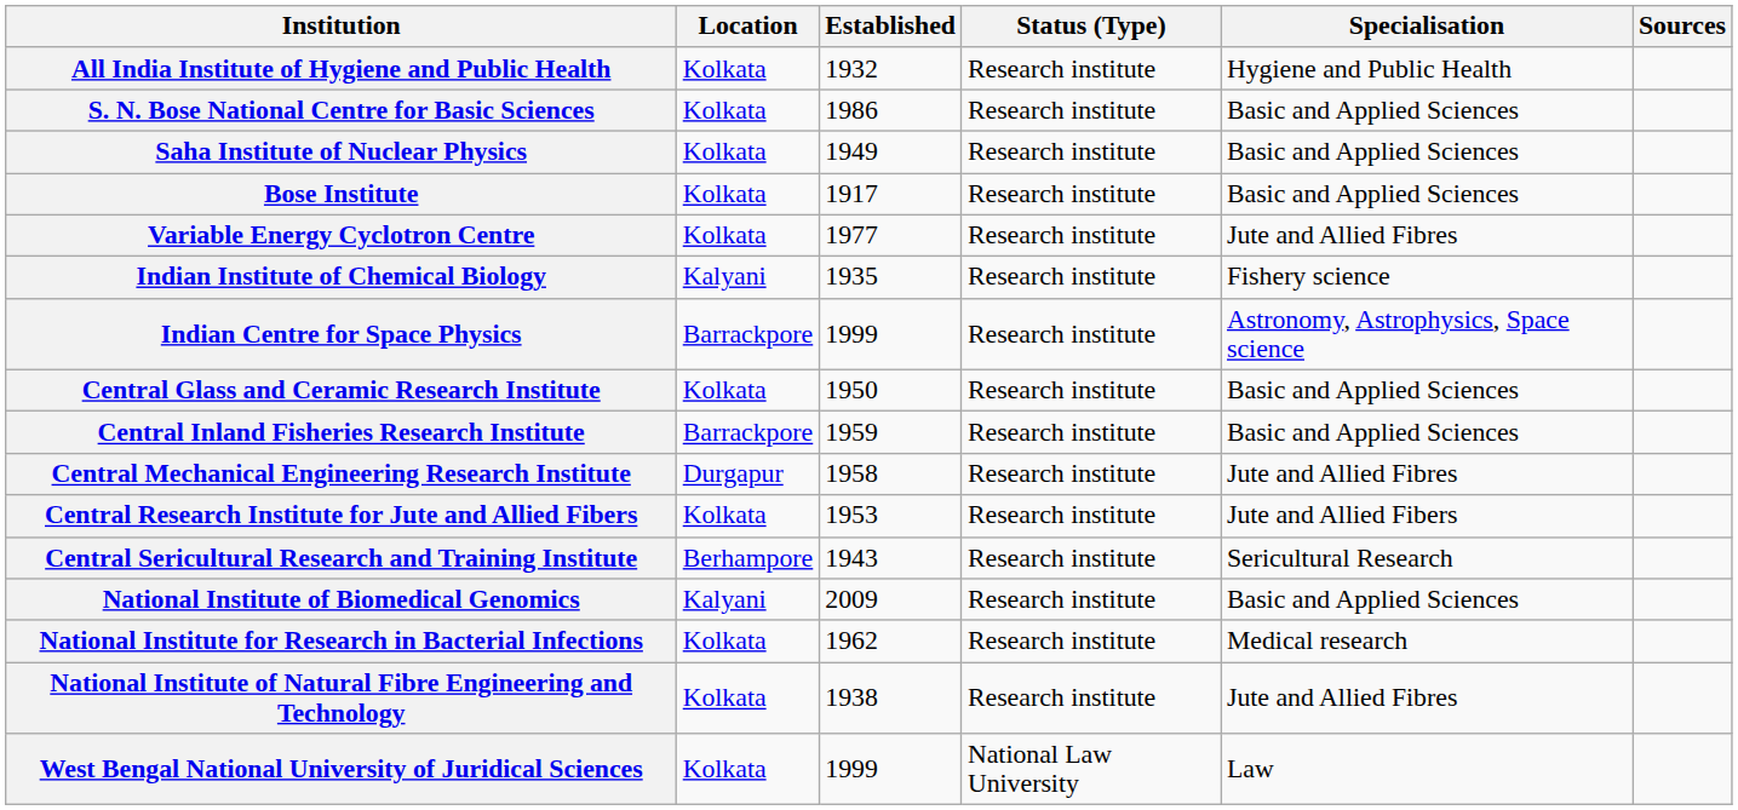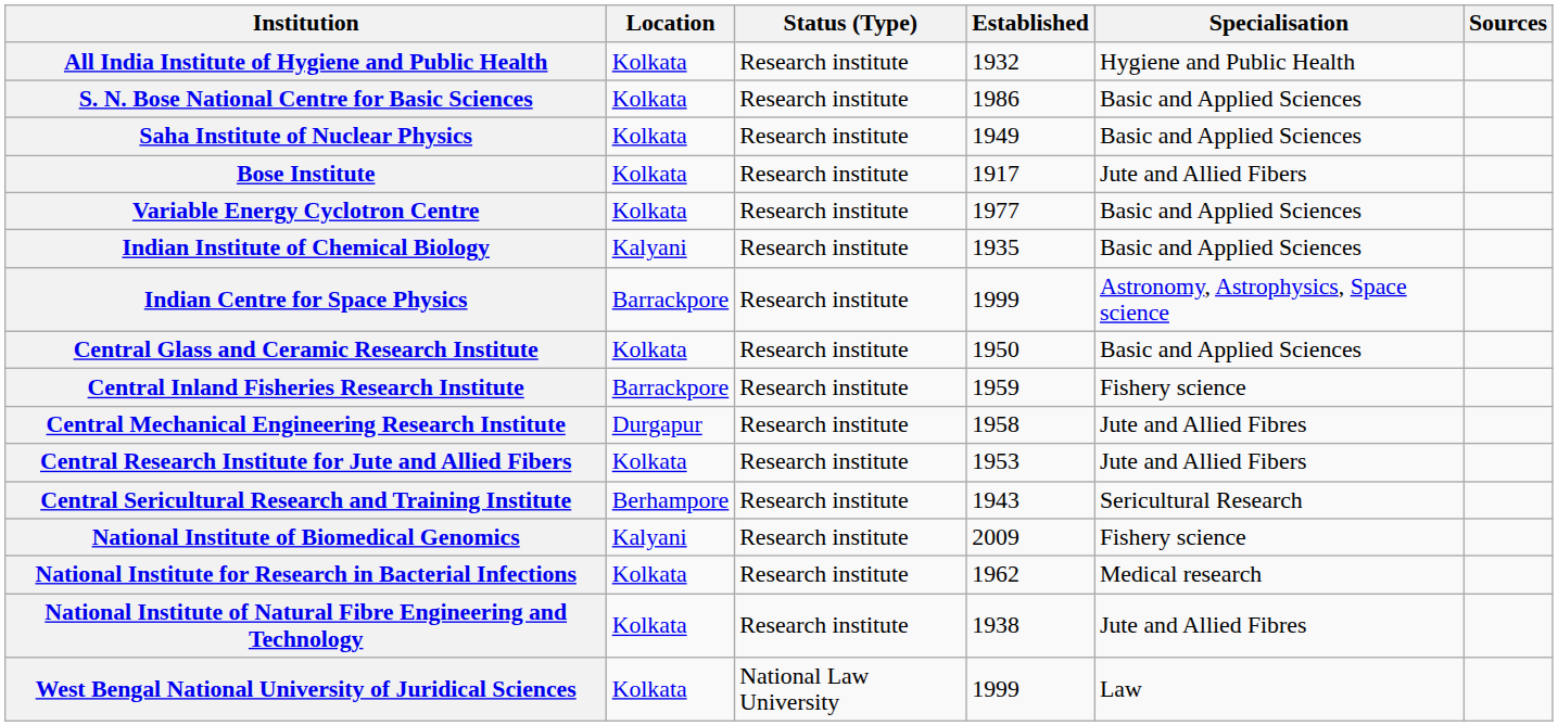 <table class="wikitable sortable static-row-numbers sticky-header collapsible plainrowheaders" style="-align:left; width:83%;">
 <tr>
 <th>Institution</th>
 <th>Location</th>
+<th>Status (Type)</th>
 <th>Established</th>
-<th>Status (Type)</th>
 <th>Specialisation</th>
 <th>Sources</th>
 </tr>
 <tr>
 <th scope="row"><a href='#'>All India Institute of Hygiene and Public Health</a></th>
 <td><a href='#'>Kolkata</a></td>
+<td>Research institute</td>
 <td>1932</td>
-<td>Research institute</td>
 <td>Hygiene and Public Health</td>
 <td></td>
 </tr>
 <tr>
 <th scope="row"><a href='#'>S. N. Bose National Centre for Basic Sciences</a></th>
 <td><a href='#'>Kolkata</a></td>
+<td>Research institute</td>
 <td>1986</td>
-<td>Research institute</td>
 <td>Basic and Applied Sciences</td>
 <td></td>
 </tr>
 <tr>
 <th scope="row"><a href='#'>Saha Institute of Nuclear Physics</a></th>
 <td><a href='#'>Kolkata</a></td>
+<td>Research institute</td>
 <td>1949</td>
-<td>Research institute</td>
 <td>Basic and Applied Sciences</td>
 <td></td>
 </tr>
 <tr>
 <th scope="row"><a href='#'>Bose Institute</a></th>
 <td><a href='#'>Kolkata</a></td>
+<td>Research institute</td>
 <td>1917</td>
-<td>Research institute</td>
-<td>Basic and Applied Sciences</td>
+<td>Jute and Allied Fibers</td>
 <td></td>
 </tr>
 <tr>
 <th scope="row"><a href='#'>Variable Energy Cyclotron Centre</a></th>
 <td><a href='#'>Kolkata</a></td>
+<td>Research institute</td>
 <td>1977</td>
-<td>Research institute</td>
-<td>Jute and Allied Fibres</td>
+<td>Basic and Applied Sciences</td>
 <td></td>
 </tr>
 <tr>
 <th scope="row"><a href='#'>Indian Institute of Chemical Biology</a></th>
 <td><a href='#'>Kalyani</a></td>
+<td>Research institute</td>
 <td>1935</td>
-<td>Research institute</td>
-<td>Fishery science</td>
+<td>Basic and Applied Sciences</td>
 <td></td>
 </tr>
 <tr>
 <th scope="row"><a href='#'>Indian Centre for Space Physics</a></th>
 <td><a href='#'>Barrackpore</a></td>
+<td>Research institute</td>
 <td>1999</td>
-<td>Research institute</td>
 <td><a href='#'>Astronomy</a>, <a href='#'>Astrophysics</a>, <a href='#'>Space science</a></td>
 <td></td>
 </tr>
 <tr>
 <th scope="row"><a href='#'>Central Glass and Ceramic Research Institute</a></th>
 <td><a href='#'>Kolkata</a></td>
+<td>Research institute</td>
 <td>1950</td>
-<td>Research institute</td>
 <td>Basic and Applied Sciences</td>
 <td></td>
 </tr>
 <tr>
 <th scope="row"><a href='#'>Central Inland Fisheries Research Institute</a></th>
 <td><a href='#'>Barrackpore</a></td>
+<td>Research institute</td>
 <td>1959</td>
-<td>Research institute</td>
-<td>Basic and Applied Sciences</td>
+<td>Fishery science</td>
 <td></td>
 </tr>
 <tr>
 <th scope="row"><a href='#'>Central Mechanical Engineering Research Institute</a></th>
 <td><a href='#'>Durgapur</a></td>
+<td>Research institute</td>
 <td>1958</td>
-<td>Research institute</td>
 <td>Jute and Allied Fibres</td>
 <td></td>
 </tr>
 <tr>
 <th scope="row"><a href='#'>Central Research Institute for Jute and Allied Fibers</a></th>
 <td><a href='#'>Kolkata</a></td>
+<td>Research institute</td>
 <td>1953</td>
-<td>Research institute</td>
 <td>Jute and Allied Fibers</td>
 <td></td>
 </tr>
 <tr>
 <th scope="row"><a href='#'>Central Sericultural Research and Training Institute</a></th>
 <td><a href='#'>Berhampore</a></td>
+<td>Research institute</td>
 <td>1943</td>
-<td>Research institute</td>
 <td>Sericultural Research</td>
 <td></td>
 </tr>
 <tr>
 <th scope="row"><a href='#'>National Institute of Biomedical Genomics</a></th>
 <td><a href='#'>Kalyani</a></td>
+<td>Research institute</td>
 <td>2009</td>
-<td>Research institute</td>
-<td>Basic and Applied Sciences</td>
+<td>Fishery science</td>
 <td></td>
 </tr>
 <tr>
 <th scope="row"><a href='#'>National Institute for Research in Bacterial Infections</a></th>
 <td><a href='#'>Kolkata</a></td>
+<td>Research institute</td>
 <td>1962</td>
-<td>Research institute</td>
 <td>Medical research</td>
 <td></td>
 </tr>
 <tr>
 <th scope="row"><a href='#'>National Institute of Natural Fibre Engineering and Technology</a></th>
 <td><a href='#'>Kolkata</a></td>
+<td>Research institute</td>
 <td>1938</td>
-<td>Research institute</td>
 <td>Jute and Allied Fibres</td>
 <td></td>
 </tr>
 <tr>
 <th scope="row"><a href='#'>West Bengal National University of Juridical Sciences</a></th>
 <td><a href='#'>Kolkata</a></td>
+<td>National Law University</td>
 <td>1999</td>
-<td>National Law University</td>
 <td>Law</td>
 <td></td>
 </tr>
 </table>
